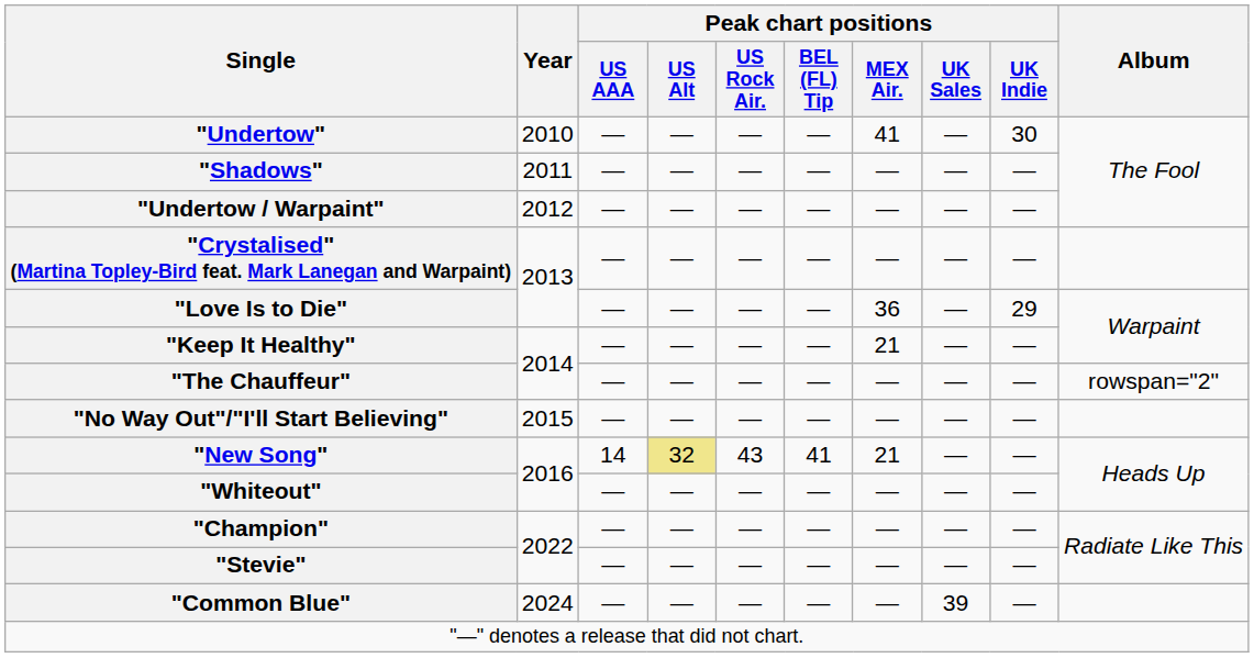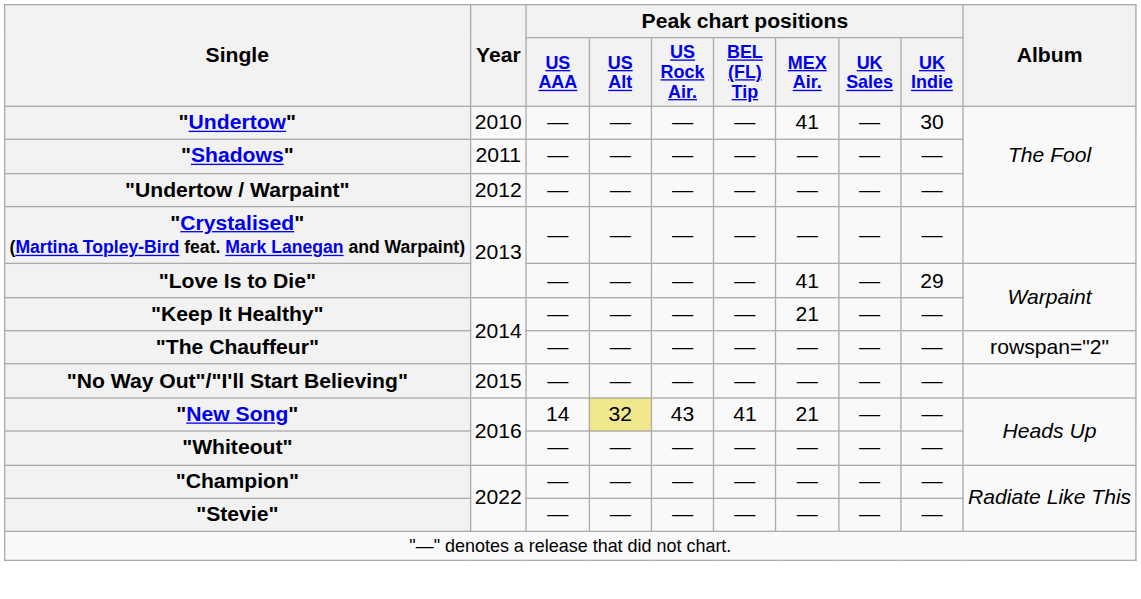 <table class="wikitable plainrowheaders" style="text-align:center;" border="1">
 <tr>
 <th scope="col" rowspan="2">Single</th>
 <th scope="col" rowspan="2">Year</th>
 <th scope="col" colspan="7" style="width:8em">Peak chart positions</th>
 <th scope="col" rowspan="2">Album</th>
 </tr>
 <tr>
 <th scope="col" style="width:3em; font-size:85%"><a href='#'>US<br>AAA</a><br></th>
 <th scope="col" style="width:3em; font-size:85%"><a href='#'>US<br>Alt</a><br></th>
 <th scope="col" style="width:3em; font-size:85%"><a href='#'>US<br>Rock<br>Air.</a><br></th>
 <th scope="col" style="width:3em; font-size:85%"><a href='#'>BEL<br>(FL)<br>Tip</a><br></th>
 <th scope="col" style="width:3em; font-size:85%"><a href='#'>MEX<br>Air.</a><br></th>
 <th scope="col" style="width:3em; font-size:85%"><a href='#'>UK<br>Sales</a><br></th>
 <th scope="col" style="width:3em; font-size:85%"><a href='#'>UK Indie</a><br></th>
 </tr>
 <tr>
 <th scope="row">"<a href='#'>Undertow</a>"</th>
 <td>2010</td>
 <td>—</td>
 <td>—</td>
 <td>—</td>
 <td>—</td>
 <td>41</td>
 <td>—</td>
 <td>30</td>
 <td rowspan="3"><em>The Fool</em></td>
 </tr>
 <tr>
 <th scope="row">"<a href='#'>Shadows</a>"</th>
 <td>2011</td>
 <td>—</td>
 <td>—</td>
 <td>—</td>
 <td>—</td>
 <td>—</td>
 <td>—</td>
 <td>—</td>
 </tr>
 <tr>
 <th scope="row">"Undertow / Warpaint"</th>
 <td>2012</td>
 <td>—</td>
 <td>—</td>
 <td>—</td>
 <td>—</td>
 <td>—</td>
 <td>—</td>
 <td>—</td>
 </tr>
 <tr>
 <th scope="row">"<a href='#'>Crystalised</a>"<br><small>(<a href='#'>Martina Topley-Bird</a> feat. <a href='#'>Mark Lanegan</a> and Warpaint)</small></th>
 <td rowspan="2">2013</td>
 <td>—</td>
 <td>—</td>
 <td>—</td>
 <td>—</td>
 <td>—</td>
 <td>—</td>
 <td>—</td>
 <td></td>
 </tr>
 <tr>
 <th scope="row">"Love Is to Die"</th>
 <td>—</td>
 <td>—</td>
 <td>—</td>
 <td>—</td>
-<td>36</td>
+<td>41</td>
 <td>—</td>
 <td>29</td>
 <td rowspan="2"><em>Warpaint</em></td>
 </tr>
 <tr>
 <th scope="row">"Keep It Healthy"</th>
 <td rowspan="2">2014</td>
 <td>—</td>
 <td>—</td>
 <td>—</td>
 <td>—</td>
 <td>21</td>
 <td>—</td>
 <td>—</td>
 </tr>
 <tr>
 <th scope="row">"The Chauffeur"</th>
 <td>—</td>
 <td>—</td>
 <td>—</td>
 <td>—</td>
 <td>—</td>
 <td>—</td>
 <td>—</td>
 <td>rowspan="2" </td>
 </tr>
 <tr>
 <th scope="row">"No Way Out"/"I'll Start Believing"</th>
 <td>2015</td>
 <td>—</td>
 <td>—</td>
 <td>—</td>
 <td>—</td>
 <td>—</td>
 <td>—</td>
 <td>—</td>
 </tr>
 <tr>
 <th scope="row">"<a href='#'>New Song</a>"</th>
 <td rowspan="2">2016</td>
 <td>14</td>
 <td style="background: khaki;">32</td>
 <td>43</td>
 <td>41</td>
 <td>21</td>
 <td>—</td>
 <td>—</td>
 <td rowspan="2"><em>Heads Up</em></td>
 </tr>
 <tr>
 <th scope="row">"Whiteout"</th>
 <td>—</td>
 <td>—</td>
 <td>—</td>
 <td>—</td>
 <td>—</td>
 <td>—</td>
 <td>—</td>
 </tr>
 <tr>
 <th scope="row">"Champion"</th>
 <td rowspan="2">2022</td>
 <td>—</td>
 <td>—</td>
 <td>—</td>
 <td>—</td>
 <td>—</td>
 <td>—</td>
 <td>—</td>
 <td rowspan="2"><em>Radiate Like This</em></td>
 </tr>
 <tr>
 <th scope="row">"Stevie"</th>
 <td>—</td>
 <td>—</td>
 <td>—</td>
 <td>—</td>
 <td>—</td>
 <td>—</td>
 <td>—</td>
 </tr>
 <tr>
-<th scope="row">"Common Blue"</th>
-<td>2024</td>
-<td>—</td>
-<td>—</td>
-<td>—</td>
-<td>—</td>
-<td>—</td>
-<td>39</td>
-<td>—</td>
-<td></td>
-</tr>
-<tr>
 <td colspan="10" style="text-align:center; font-size:85%">"—" denotes a release that did not chart.</td>
 </tr>
 </table>
